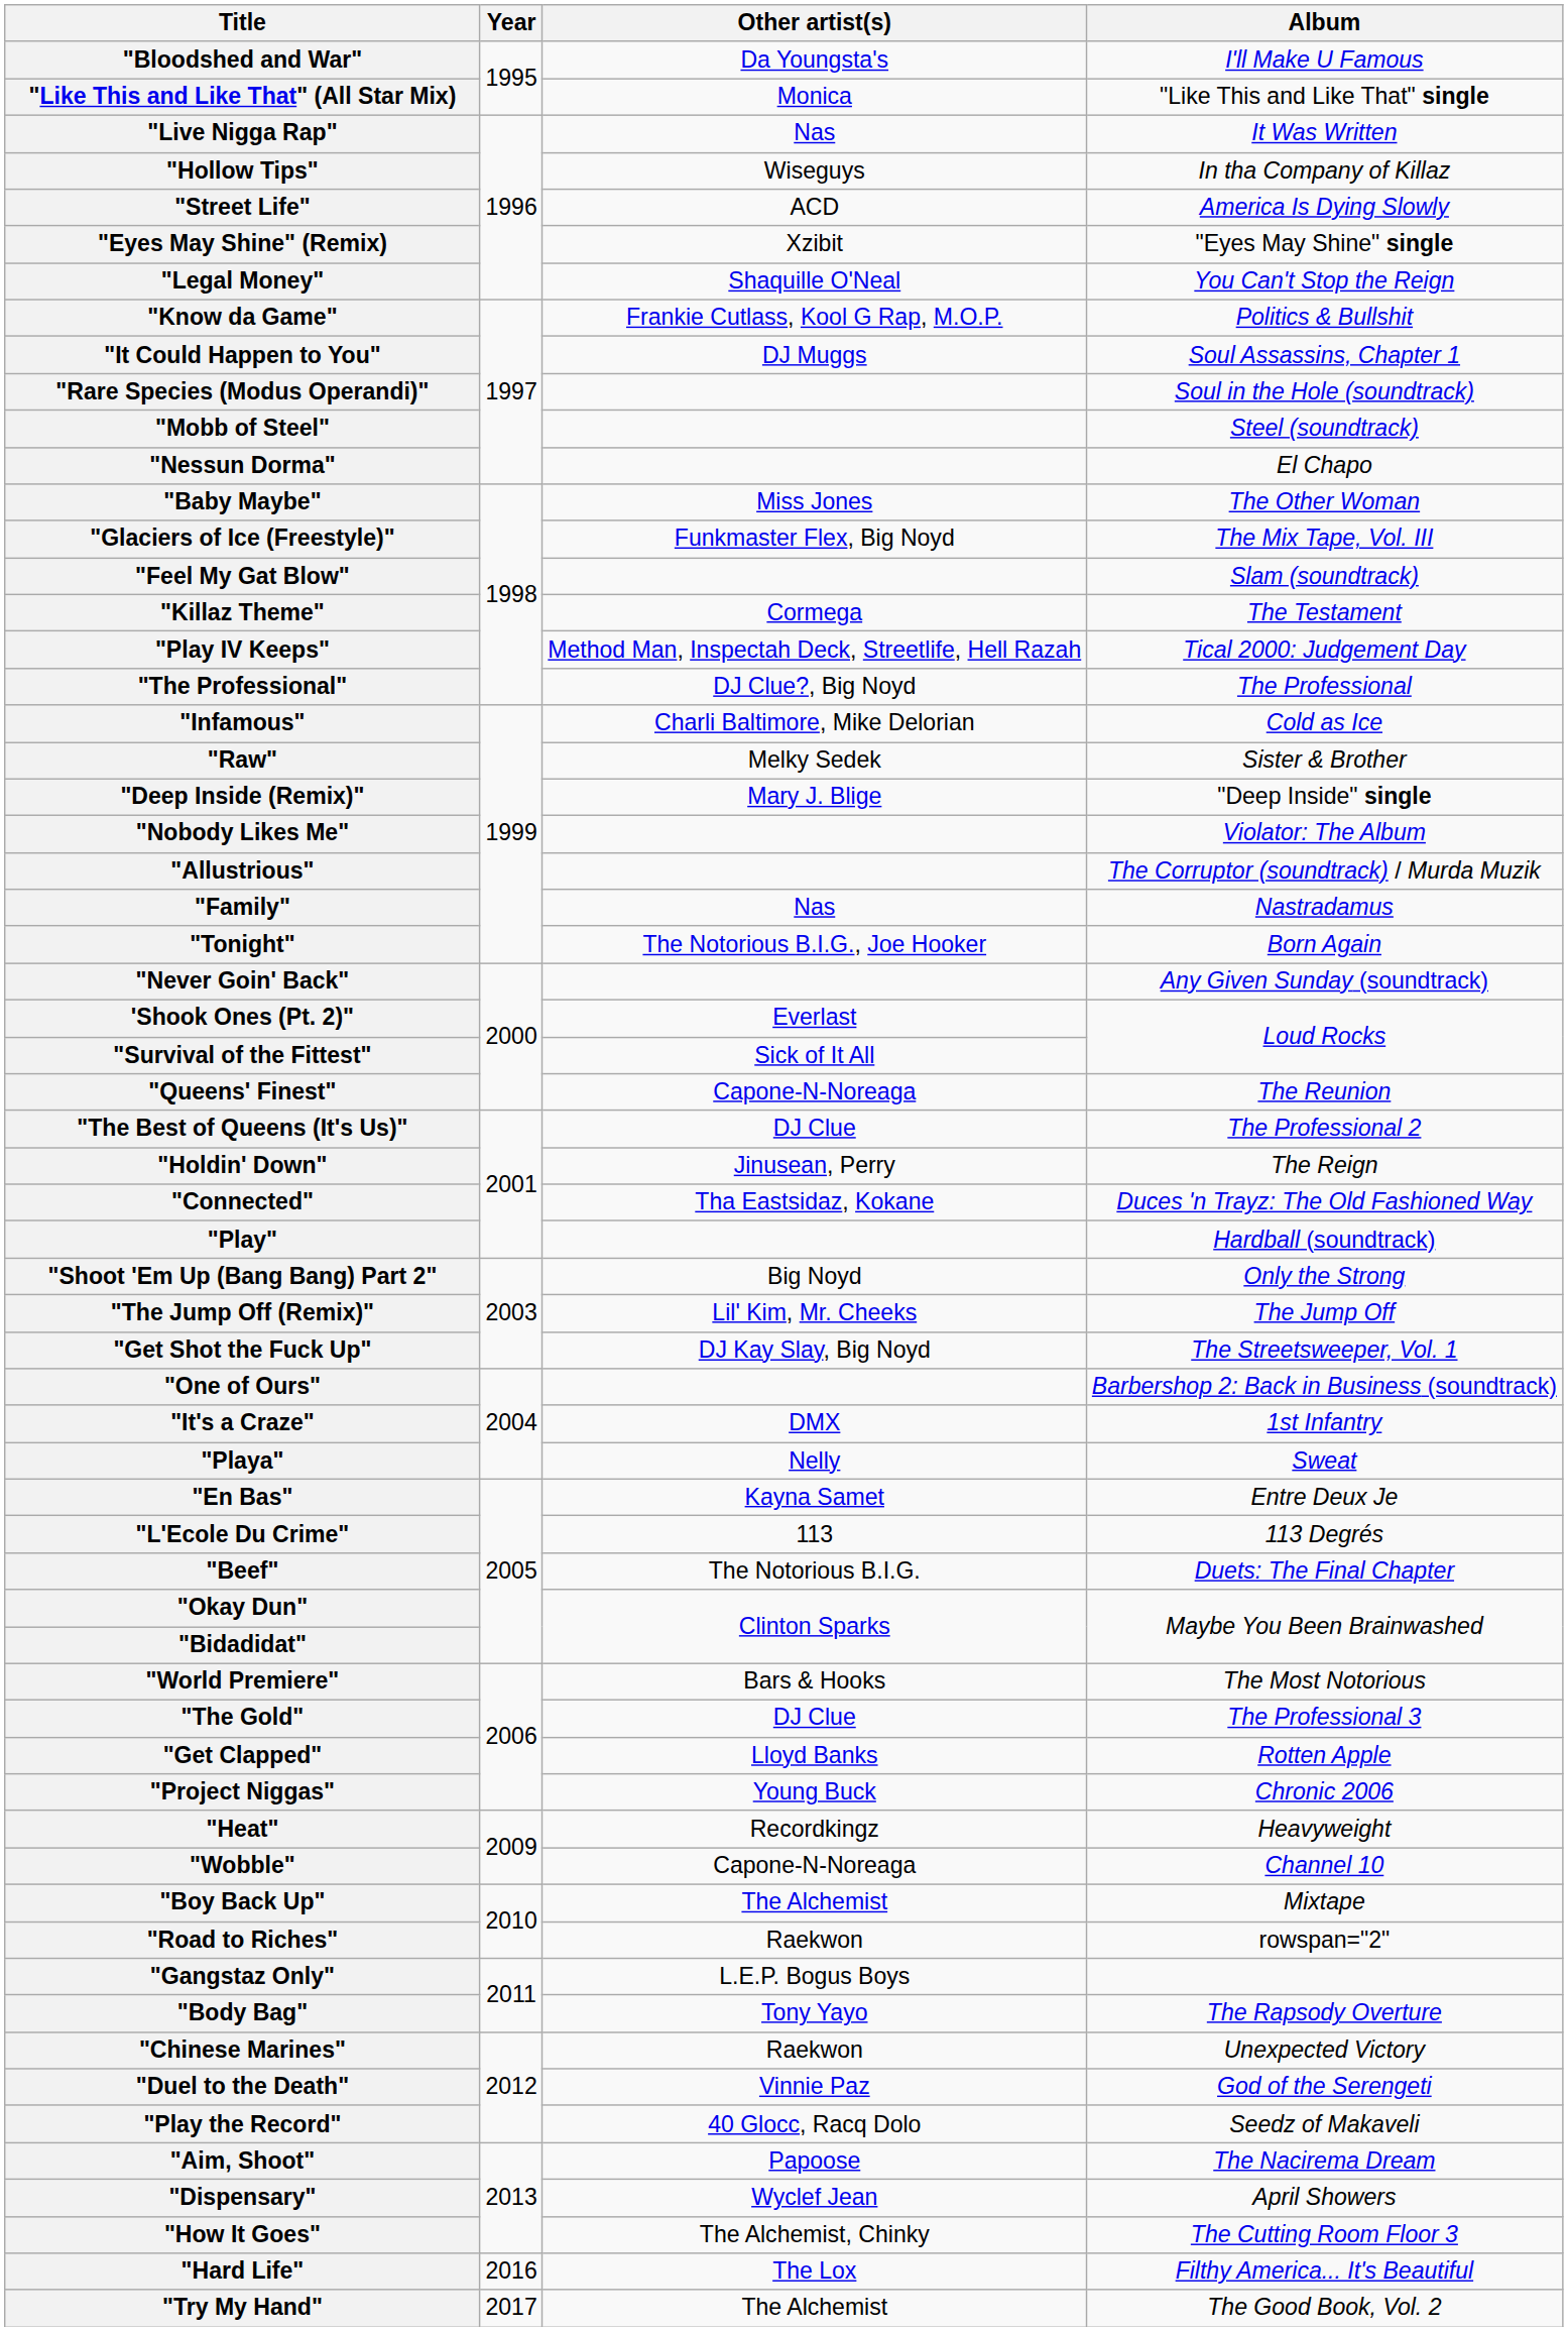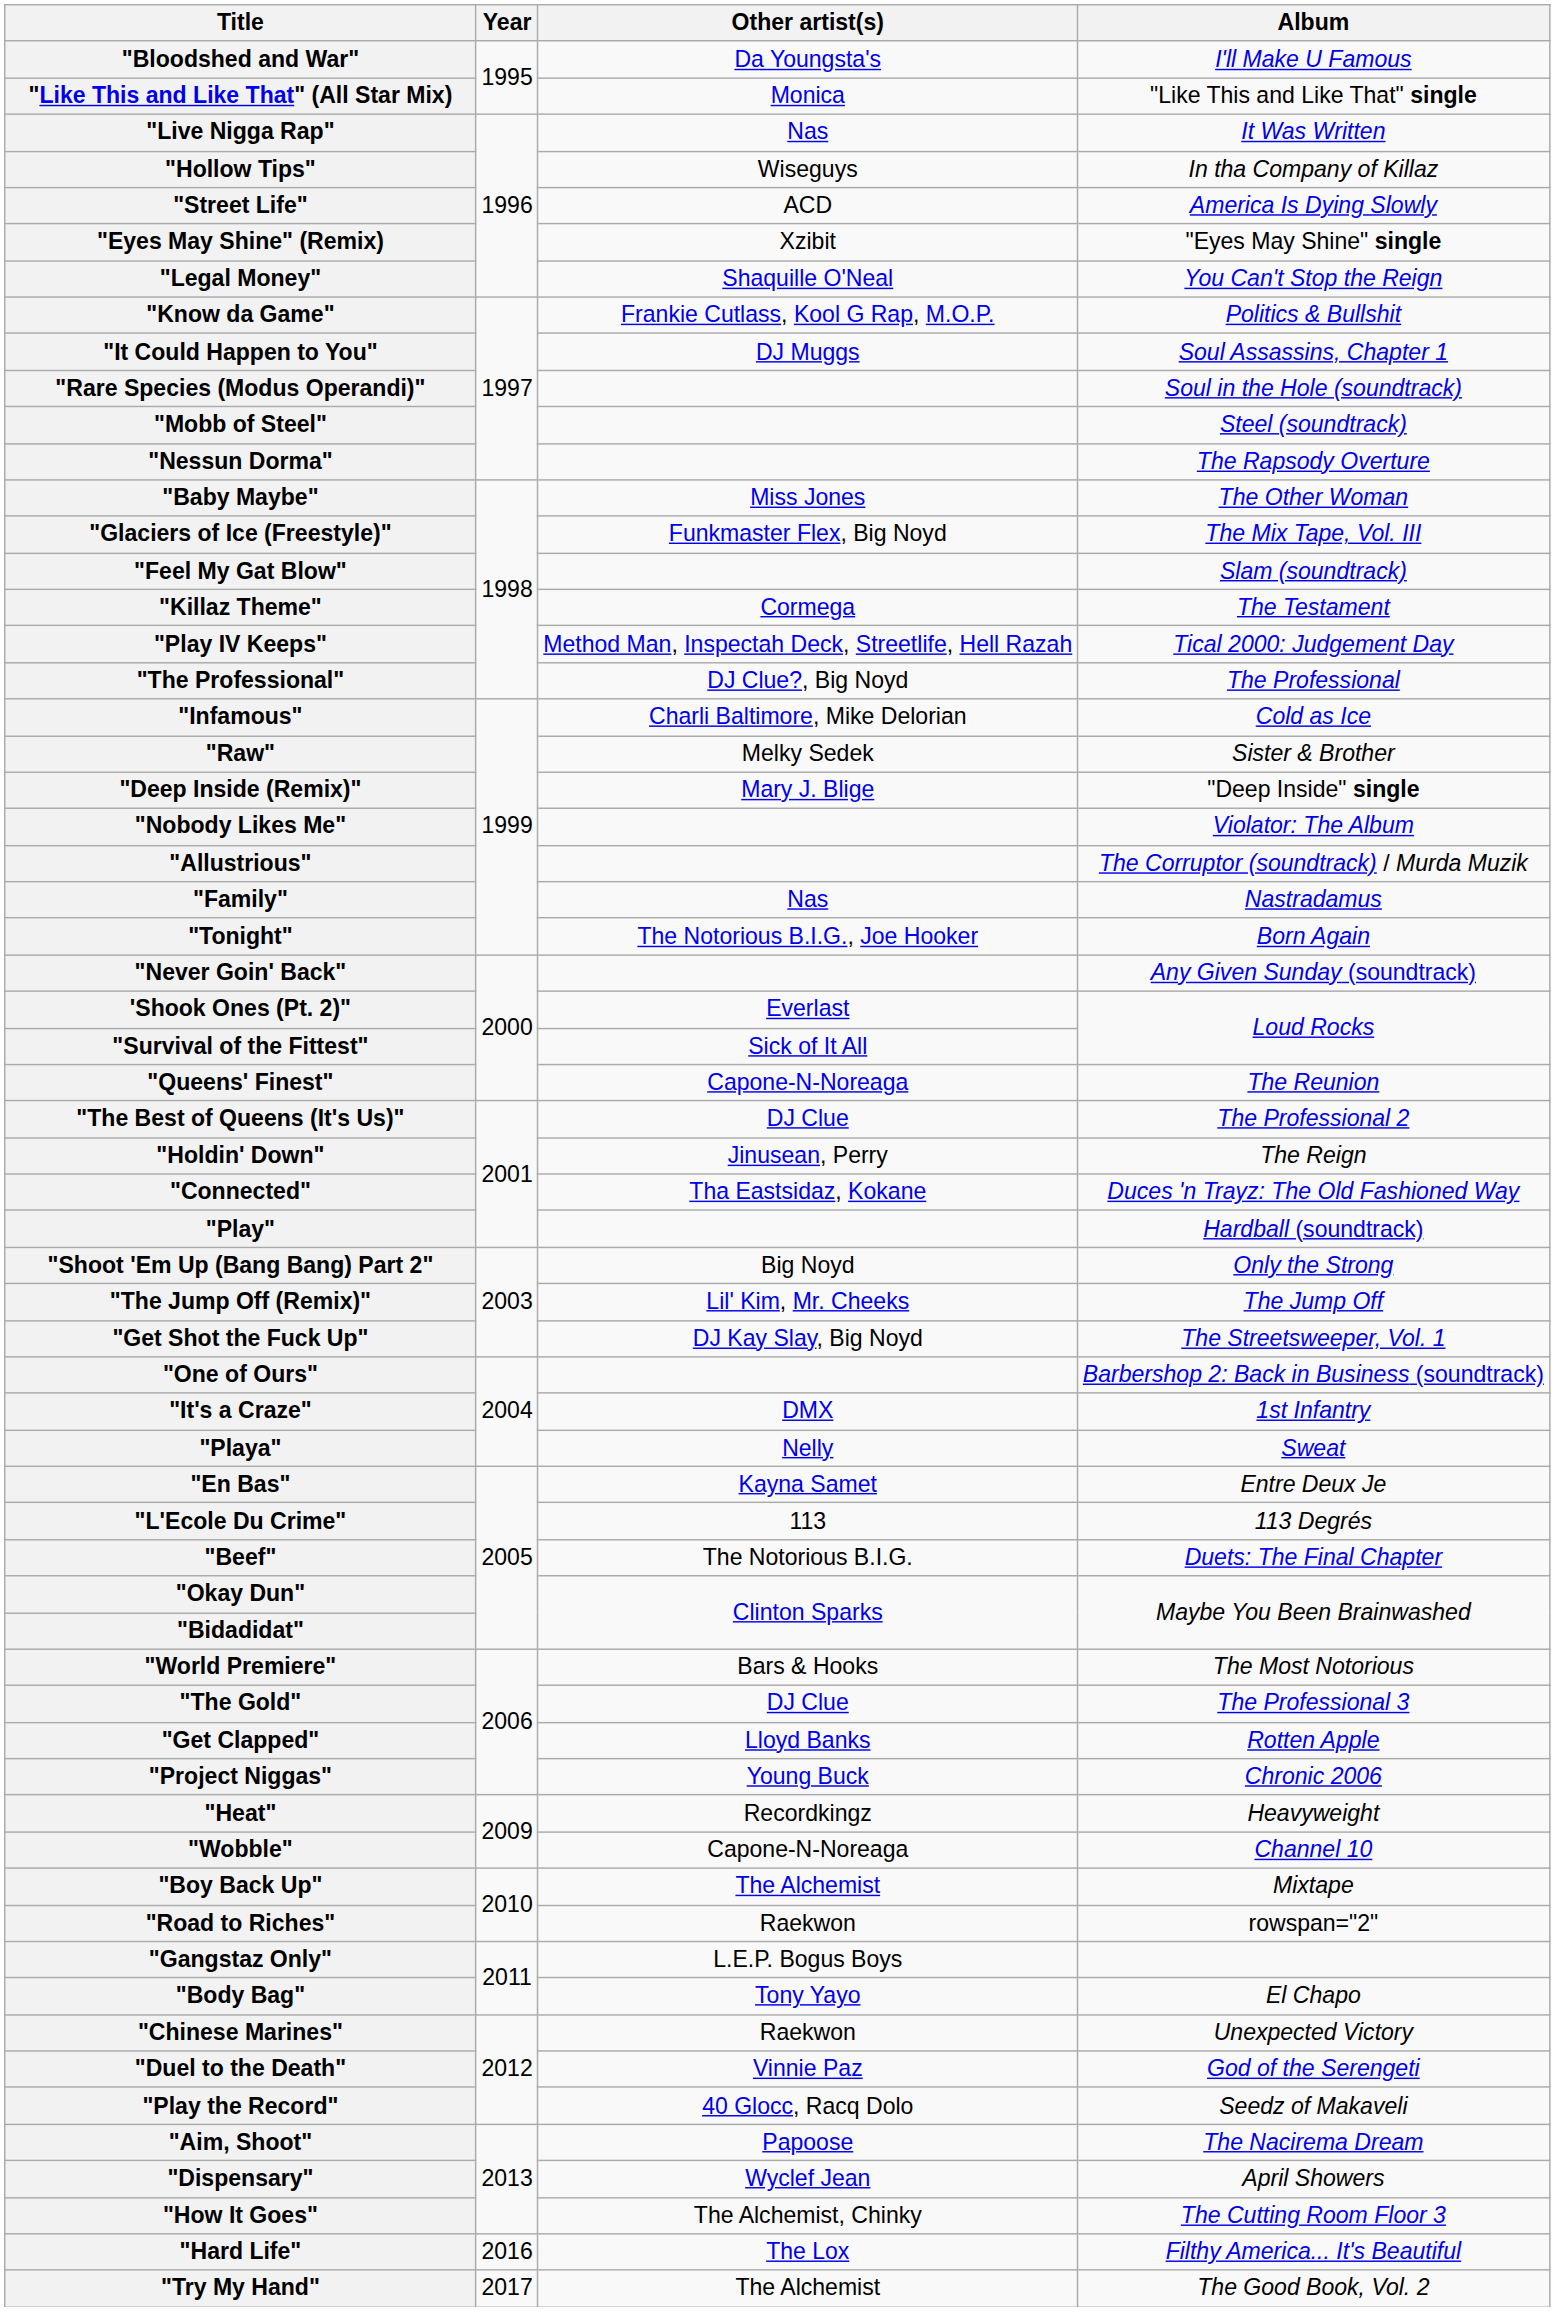 <table class="wikitable plainrowheaders" style="text-align:center;">
 <tr>
 <th scope="col" style="width:20em;">Title</th>
 <th scope="col">Year</th>
 <th scope="col">Other artist(s)</th>
 <th scope="col">Album</th>
 </tr>
 <tr>
 <th scope="row">"Bloodshed and War"</th>
 <td rowspan="2">1995</td>
 <td><a href='#'>Da Youngsta's</a></td>
 <td><em><a href='#'>I'll Make U Famous</a></em></td>
 </tr>
 <tr>
 <th scope="row">"<a href='#'>Like This and Like That</a>" (All Star Mix)</th>
 <td><a href='#'>Monica</a></td>
 <td>"Like This and Like That" <strong>single</strong></td>
 </tr>
 <tr>
 <th scope="row">"Live Nigga Rap"</th>
 <td rowspan="5">1996</td>
 <td><a href='#'>Nas</a></td>
 <td><em><a href='#'>It Was Written</a></em></td>
 </tr>
 <tr>
 <th scope="row">"Hollow Tips"</th>
 <td>Wiseguys</td>
 <td><em>In tha Company of Killaz</em></td>
 </tr>
 <tr>
 <th scope="row">"Street Life"</th>
 <td>ACD</td>
 <td><em><a href='#'>America Is Dying Slowly</a></em></td>
 </tr>
 <tr>
 <th>"Eyes May Shine" (Remix)</th>
 <td>Xzibit</td>
 <td>"Eyes May Shine" <strong>single</strong></td>
 </tr>
 <tr>
 <th scope="row">"Legal Money"</th>
 <td><a href='#'>Shaquille O'Neal</a></td>
 <td><em><a href='#'>You Can't Stop the Reign</a></em></td>
 </tr>
 <tr>
 <th scope="row">"Know da Game"</th>
 <td rowspan="5">1997</td>
 <td><a href='#'>Frankie Cutlass</a>, <a href='#'>Kool G Rap</a>, <a href='#'>M.O.P.</a></td>
 <td><em><a href='#'>Politics & Bullshit</a></em></td>
 </tr>
 <tr>
 <th scope="row">"It Could Happen to You"</th>
 <td><a href='#'>DJ Muggs</a></td>
 <td><em><a href='#'>Soul Assassins, Chapter 1</a></em></td>
 </tr>
 <tr>
 <th scope="row">"Rare Species (Modus Operandi)"</th>
 <td></td>
 <td><em><a href='#'>Soul in the Hole (soundtrack)</a></em></td>
 </tr>
 <tr>
 <th scope="row">"Mobb of Steel"</th>
 <td></td>
 <td><em><a href='#'>Steel (soundtrack)</a></em></td>
 </tr>
 <tr>
 <th scope="row">"Nessun Dorma"</th>
 <td></td>
-<td><em>El Chapo</em></td>
+<td><em><a href='#'>The Rapsody Overture</a></em></td>
 </tr>
 <tr>
 <th scope="row">"Baby Maybe"</th>
 <td rowspan="6">1998</td>
 <td><a href='#'>Miss Jones</a></td>
 <td><em><a href='#'>The Other Woman</a></em></td>
 </tr>
 <tr>
 <th scope="row">"Glaciers of Ice (Freestyle)"</th>
 <td><a href='#'>Funkmaster Flex</a>, Big Noyd</td>
 <td><em><a href='#'>The Mix Tape, Vol. III</a></em></td>
 </tr>
 <tr>
 <th scope="row">"Feel My Gat Blow"</th>
 <td></td>
 <td><em><a href='#'>Slam (soundtrack)</a></em></td>
 </tr>
 <tr>
 <th scope="row">"Killaz Theme"</th>
 <td><a href='#'>Cormega</a></td>
 <td><a href='#'><em>The Testament</em></a></td>
 </tr>
 <tr>
 <th scope="row">"Play IV Keeps"</th>
 <td><a href='#'>Method Man</a>, <a href='#'>Inspectah Deck</a>, <a href='#'>Streetlife</a>, <a href='#'>Hell Razah</a></td>
 <td><em><a href='#'>Tical 2000: Judgement Day</a></em></td>
 </tr>
 <tr>
 <th scope="row">"The Professional"</th>
 <td><a href='#'>DJ Clue?</a>, Big Noyd</td>
 <td><em><a href='#'>The Professional</a></em></td>
 </tr>
 <tr>
 <th scope="row">"Infamous"</th>
 <td rowspan="7">1999</td>
 <td><a href='#'>Charli Baltimore</a>, Mike Delorian</td>
 <td><em><a href='#'>Cold as Ice</a></em></td>
 </tr>
 <tr>
 <th>"Raw"</th>
 <td>Melky Sedek</td>
 <td><em>Sister & Brother</em></td>
 </tr>
 <tr>
 <th>"Deep Inside (Remix)"</th>
 <td><a href='#'>Mary J. Blige</a></td>
 <td>"Deep Inside" <strong>single</strong></td>
 </tr>
 <tr>
 <th scope="row">"Nobody Likes Me"</th>
 <td></td>
 <td><em><a href='#'>Violator: The Album</a></em></td>
 </tr>
 <tr>
 <th>"Allustrious"</th>
 <td></td>
 <td><em><a href='#'>The Corruptor (soundtrack)</a></em> / <em>Murda Muzik</em></td>
 </tr>
 <tr>
 <th scope="row">"Family"</th>
 <td><a href='#'>Nas</a></td>
 <td><em><a href='#'>Nastradamus</a></em></td>
 </tr>
 <tr>
 <th scope="row">"Tonight"</th>
 <td><a href='#'>The Notorious B.I.G.</a>, <a href='#'>Joe Hooker</a></td>
 <td><em><a href='#'>Born Again</a></em></td>
 </tr>
 <tr>
 <th scope="row">"Never Goin' Back"</th>
 <td rowspan="4">2000</td>
 <td></td>
 <td><a href='#'><em>Any Given Sunday</em> (soundtrack)</a></td>
 </tr>
 <tr>
 <th scope="row">'Shook Ones (Pt. 2)"</th>
 <td><a href='#'>Everlast</a></td>
 <td rowspan="2"><em><a href='#'>Loud Rocks</a></em></td>
 </tr>
 <tr>
 <th scope="row">"Survival of the Fittest"</th>
 <td><a href='#'>Sick of It All</a></td>
 </tr>
 <tr>
 <th scope="row">"Queens' Finest"</th>
 <td><a href='#'>Capone-N-Noreaga</a></td>
 <td><em><a href='#'>The Reunion</a></em></td>
 </tr>
 <tr>
 <th scope="row">"The Best of Queens (It's Us)"</th>
 <td rowspan="4">2001</td>
 <td><a href='#'>DJ Clue</a></td>
 <td><em><a href='#'>The Professional 2</a></em></td>
 </tr>
 <tr>
 <th scope="row">"Holdin' Down"</th>
 <td><a href='#'>Jinusean</a>, Perry</td>
 <td><em>The Reign</em></td>
 </tr>
 <tr>
 <th scope="row">"Connected"</th>
 <td><a href='#'>Tha Eastsidaz</a>, <a href='#'>Kokane</a></td>
 <td><em><a href='#'>Duces 'n Trayz: The Old Fashioned Way</a></em></td>
 </tr>
 <tr>
 <th scope="row">"Play"</th>
 <td></td>
 <td><a href='#'><em>Hardball</em> (soundtrack)</a></td>
 </tr>
 <tr>
 <th scope="row">"Shoot 'Em Up (Bang Bang) Part 2"</th>
 <td rowspan="3">2003</td>
 <td>Big Noyd</td>
 <td><em><a href='#'>Only the Strong</a></em></td>
 </tr>
 <tr>
 <th scope="row">"The Jump Off (Remix)"</th>
 <td><a href='#'>Lil' Kim</a>, <a href='#'>Mr. Cheeks</a></td>
 <td><em><a href='#'>The Jump Off</a></em></td>
 </tr>
 <tr>
 <th scope="row">"Get Shot the Fuck Up"</th>
 <td><a href='#'>DJ Kay Slay</a>, Big Noyd</td>
 <td><em><a href='#'>The Streetsweeper, Vol. 1</a></em></td>
 </tr>
 <tr>
 <th scope="row">"One of Ours"</th>
 <td rowspan="3">2004</td>
 <td></td>
 <td><a href='#'><em>Barbershop 2: Back in Business</em> (soundtrack)</a></td>
 </tr>
 <tr>
 <th scope="row">"It's a Craze"</th>
 <td><a href='#'>DMX</a></td>
 <td><em><a href='#'>1st Infantry</a></em></td>
 </tr>
 <tr>
 <th scope="row">"Playa"</th>
 <td><a href='#'>Nelly</a></td>
 <td><em><a href='#'>Sweat</a></em></td>
 </tr>
 <tr>
 <th scope="row">"En Bas"</th>
 <td rowspan="5">2005</td>
 <td><a href='#'>Kayna Samet</a></td>
 <td><em>Entre Deux Je</em></td>
 </tr>
 <tr>
 <th scope="row">"L'Ecole Du Crime"</th>
 <td>113</td>
 <td><em>113 Degrés</em></td>
 </tr>
 <tr>
 <th scope="row">"Beef"</th>
 <td>The Notorious B.I.G.</td>
 <td><em><a href='#'>Duets: The Final Chapter</a></em></td>
 </tr>
 <tr>
 <th scope="row">"Okay Dun"</th>
 <td rowspan="2"><a href='#'>Clinton Sparks</a></td>
 <td rowspan="2"><em>Maybe You Been Brainwashed</em></td>
 </tr>
 <tr>
 <th scope="row">"Bidadidat"</th>
 </tr>
 <tr>
 <th scope="row">"World Premiere"</th>
 <td rowspan="4">2006</td>
 <td>Bars & Hooks</td>
 <td><em>The Most Notorious</em></td>
 </tr>
 <tr>
 <th scope="row">"The Gold"</th>
 <td><a href='#'>DJ Clue</a></td>
 <td><em><a href='#'>The Professional 3</a></em></td>
 </tr>
 <tr>
 <th scope="row">"Get Clapped"</th>
 <td><a href='#'>Lloyd Banks</a></td>
 <td><a href='#'><em>Rotten Apple</em></a></td>
 </tr>
 <tr>
 <th scope="row">"Project Niggas"</th>
 <td><a href='#'>Young Buck</a></td>
 <td><em><a href='#'>Chronic 2006</a></em></td>
 </tr>
 <tr>
 <th scope="row">"Heat"</th>
 <td rowspan="2">2009</td>
 <td>Recordkingz</td>
 <td><em>Heavyweight</em></td>
 </tr>
 <tr>
 <th scope="row">"Wobble"</th>
 <td>Capone-N-Noreaga</td>
 <td><em><a href='#'>Channel 10</a></em></td>
 </tr>
 <tr>
 <th scope="row">"Boy Back Up"</th>
 <td rowspan="2">2010</td>
 <td><a href='#'>The Alchemist</a></td>
 <td><em>Mixtape</em></td>
 </tr>
 <tr>
 <th scope="row">"Road to Riches"</th>
 <td>Raekwon</td>
 <td>rowspan="2" </td>
 </tr>
 <tr>
 <th scope="row">"Gangstaz Only"</th>
 <td rowspan="2">2011</td>
 <td>L.E.P. Bogus Boys</td>
 </tr>
 <tr>
 <th scope="row">"Body Bag"</th>
 <td><a href='#'>Tony Yayo</a></td>
-<td><em><a href='#'>The Rapsody Overture</a></em></td>
+<td><em>El Chapo</em></td>
 </tr>
 <tr>
 <th scope="row">"Chinese Marines"</th>
 <td rowspan="3">2012</td>
 <td>Raekwon</td>
 <td><em>Unexpected Victory</em></td>
 </tr>
 <tr>
 <th scope="row">"Duel to the Death"</th>
 <td><a href='#'>Vinnie Paz</a></td>
 <td><em><a href='#'>God of the Serengeti</a></em></td>
 </tr>
 <tr>
 <th scope="row">"Play the Record"</th>
 <td><a href='#'>40 Glocc</a>, Racq Dolo</td>
 <td><em>Seedz of Makaveli</em></td>
 </tr>
 <tr>
 <th scope="row">"Aim, Shoot"</th>
 <td rowspan="3">2013</td>
 <td><a href='#'>Papoose</a></td>
 <td><em><a href='#'>The Nacirema Dream</a></em></td>
 </tr>
 <tr>
 <th scope="row">"Dispensary"</th>
 <td><a href='#'>Wyclef Jean</a></td>
 <td><em>April Showers</em></td>
 </tr>
 <tr>
 <th scope="row">"How It Goes"</th>
 <td>The Alchemist, Chinky</td>
 <td><em><a href='#'>The Cutting Room Floor 3</a></em></td>
 </tr>
 <tr>
 <th scope="row">"Hard Life"</th>
 <td>2016</td>
 <td><a href='#'>The Lox</a></td>
 <td><em><a href='#'>Filthy America... It's Beautiful</a></em></td>
 </tr>
 <tr>
 <th scope="row">"Try My Hand"</th>
 <td>2017</td>
 <td>The Alchemist</td>
 <td><em>The Good Book, Vol. 2</em></td>
 </tr>
 </table>
